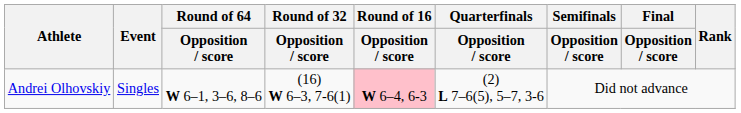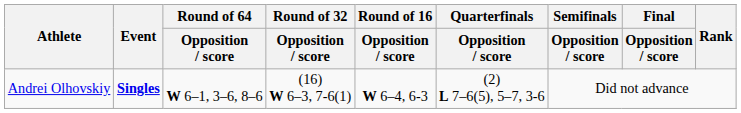 <table class=wikitable style="font-size:90%">
 <tr>
 <th rowspan="2">Athlete</th>
 <th rowspan="2">Event</th>
 <th>Round of 64</th>
 <th>Round of 32</th>
 <th>Round of 16</th>
 <th>Quarterfinals</th>
 <th>Semifinals</th>
 <th>Final</th>
 <th rowspan="2">Rank</th>
 </tr>
 <tr>
 <th>Opposition<br>/ score</th>
 <th>Opposition<br>/ score</th>
 <th>Opposition<br>/ score</th>
 <th>Opposition<br>/ score</th>
 <th>Opposition<br>/ score</th>
 <th>Opposition<br>/ score</th>
 </tr>
 <tr>
 <td><a href='#'>Andrei Olhovskiy</a></td>
-<td><a href='#'>Singles</a></td>
+<td><strong><a href='#'>Singles</a></strong></td>
 <td align=center> <br><strong>W</strong> 6–1, 3–6, 8–6</td>
 <td align=center> (16)<br><strong>W</strong> 6–3, 7-6(1)</td>
-<td align=center style="background: pink;"> <br><strong>W</strong> 6–4, 6-3</td>
+<td align=center> <br><strong>W</strong> 6–4, 6-3</td>
 <td align=center> (2)<br><strong>L</strong> 7–6(5), 5–7, 3-6</td>
 <td align=center colspan = "3">Did not advance</td>
 </tr>
 </table>
